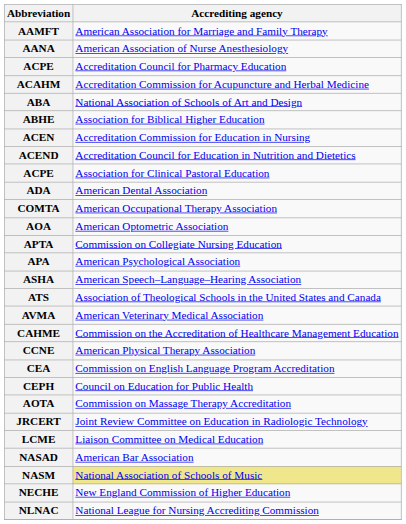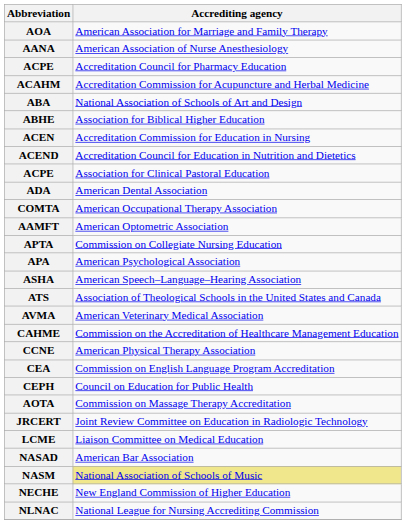 <table class="wikitable sortable" style="text-align:left;">
 <tr>
 <th scope="col" class="unsortable">Abbreviation</th>
 <th scope="col" class="unsortable">Accrediting agency</th>
 </tr>
 <tr>
-<th scope="row">AAMFT</th>
+<th scope="row">AOA</th>
 <td><a href='#'>American Association for Marriage and Family Therapy</a></td>
 </tr>
 <tr>
 <th scope="row">AANA</th>
 <td><a href='#'>American Association of Nurse Anesthesiology</a></td>
 </tr>
 <tr>
 <th scope="row">ACPE</th>
 <td><a href='#'>Accreditation Council for Pharmacy Education</a></td>
 </tr>
 <tr>
 <th scope="row">ACAHM</th>
 <td><a href='#'>Accreditation Commission for Acupuncture and Herbal Medicine</a></td>
 </tr>
 <tr>
 <th scope="row">ABA</th>
 <td><a href='#'>National Association of Schools of Art and Design</a></td>
 </tr>
 <tr>
 <th scope="row">ABHE</th>
 <td><a href='#'>Association for Biblical Higher Education</a></td>
 </tr>
 <tr>
 <th scope="row">ACEN</th>
 <td><a href='#'>Accreditation Commission for Education in Nursing</a></td>
 </tr>
 <tr>
 <th scope="row">ACEND</th>
 <td><a href='#'>Accreditation Council for Education in Nutrition and Dietetics</a></td>
 </tr>
 <tr>
 <th scope="row">ACPE</th>
 <td><a href='#'>Association for Clinical Pastoral Education</a></td>
 </tr>
 <tr>
 <th scope="row">ADA</th>
 <td><a href='#'>American Dental Association</a></td>
 </tr>
 <tr>
 <th scope="row">COMTA</th>
 <td><a href='#'>American Occupational Therapy Association</a></td>
 </tr>
 <tr>
-<th scope="row">AOA</th>
+<th scope="row">AAMFT</th>
 <td><a href='#'>American Optometric Association</a></td>
 </tr>
 <tr>
 <th scope="row">APTA</th>
 <td><a href='#'>Commission on Collegiate Nursing Education</a></td>
 </tr>
 <tr>
 <th scope="row">APA</th>
 <td><a href='#'>American Psychological Association</a></td>
 </tr>
 <tr>
 <th scope="row">ASHA</th>
 <td><a href='#'>American Speech–Language–Hearing Association</a></td>
 </tr>
 <tr>
 <th scope="row">ATS</th>
 <td><a href='#'>Association of Theological Schools in the United States and Canada</a></td>
 </tr>
 <tr>
 <th scope="row">AVMA</th>
 <td><a href='#'>American Veterinary Medical Association</a></td>
 </tr>
 <tr>
 <th scope="row">CAHME</th>
 <td><a href='#'>Commission on the Accreditation of Healthcare Management Education</a></td>
 </tr>
 <tr>
 <th scope="row">CCNE</th>
 <td><a href='#'>American Physical Therapy Association</a></td>
 </tr>
 <tr>
 <th scope="row">CEA</th>
 <td><a href='#'>Commission on English Language Program Accreditation</a></td>
 </tr>
 <tr>
 <th scope="row">CEPH</th>
 <td><a href='#'>Council on Education for Public Health</a></td>
 </tr>
 <tr>
 <th scope="row">AOTA</th>
 <td><a href='#'>Commission on Massage Therapy Accreditation</a></td>
 </tr>
 <tr>
 <th scope="row">JRCERT</th>
 <td><a href='#'>Joint Review Committee on Education in Radiologic Technology</a></td>
 </tr>
 <tr>
 <th scope="row">LCME</th>
 <td><a href='#'>Liaison Committee on Medical Education</a></td>
 </tr>
 <tr>
 <th scope="row">NASAD</th>
 <td><a href='#'>American Bar Association</a></td>
 </tr>
 <tr>
 <th scope="row">NASM</th>
 <td style="background: khaki;"><a href='#'>National Association of Schools of Music</a></td>
 </tr>
 <tr>
 <th scope="row">NECHE</th>
 <td><a href='#'>New England Commission of Higher Education</a></td>
 </tr>
 <tr>
 <th scope="row">NLNAC</th>
 <td><a href='#'>National League for Nursing Accrediting Commission</a></td>
 </tr>
 <tr>
 </tr>
 </table>
